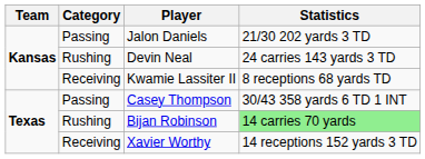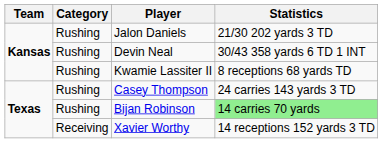 <table class="wikitable" style="float: right;">
 <tr>
 <th>Team</th>
 <th>Category</th>
 <th>Player</th>
 <th>Statistics</th>
 </tr>
 <tr>
 <td rowspan=3><strong>Kansas</strong></td>
-<td>Passing</td>
+<td>Rushing</td>
 <td>Jalon Daniels</td>
 <td>21/30 202 yards 3 TD</td>
 </tr>
 <tr>
 <td>Rushing</td>
 <td>Devin Neal</td>
-<td>24 carries 143 yards 3 TD</td>
+<td>30/43 358 yards 6 TD 1 INT</td>
 </tr>
 <tr>
-<td>Receiving</td>
+<td>Rushing</td>
 <td>Kwamie Lassiter II</td>
 <td>8 receptions 68 yards TD</td>
 </tr>
 <tr>
 <td rowspan=3><strong>Texas</strong></td>
-<td>Passing</td>
+<td>Rushing</td>
 <td><a href='#'>Casey Thompson</a></td>
-<td>30/43 358 yards 6 TD 1 INT</td>
+<td>24 carries 143 yards 3 TD</td>
 </tr>
 <tr>
 <td>Rushing</td>
 <td><a href='#'>Bijan Robinson</a></td>
 <td style="background: lightgreen;">14 carries 70 yards</td>
 </tr>
 <tr>
 <td>Receiving</td>
 <td><a href='#'>Xavier Worthy</a></td>
 <td>14 receptions 152 yards 3 TD</td>
 </tr>
 </table>
